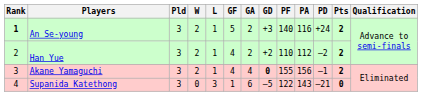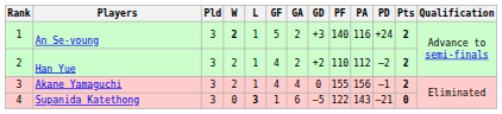 <table class="wikitable" style="font-size:90%; text-align:center">
 <tr>
 <th width="20">Rank</th>
 <th width="200">Players</th>
 <th width="20">Pld</th>
 <th width="20">W</th>
 <th width="20">L</th>
 <th width="20">GF</th>
 <th width="20">GA</th>
 <th width="20">GD</th>
 <th width="20">PF</th>
 <th width="20">PA</th>
 <th width="20">PD</th>
 <th width="20">Pts</th>
 <th width="20">Qualification</th>
 </tr>
 <tr style="background:#ccffcc">
-<td><strong>1</strong></td>
+<td>1</td>
 <td style="text-align:left"><br> <a href='#'>An Se-young</a></td>
 <td>3</td>
-<td>2</td>
+<td><strong>2</strong></td>
 <td>1</td>
 <td>5</td>
 <td>2</td>
 <td>+3</td>
 <td>140</td>
 <td>116</td>
 <td>+24</td>
 <td><strong>2</strong></td>
 <td rowspan="2">Advance to <a href='#'>semi-finals</a></td>
 </tr>
 <tr style="background:#ccffcc">
 <td>2</td>
 <td style="text-align:left"><br> <a href='#'>Han Yue</a></td>
 <td>3</td>
 <td>2</td>
 <td>1</td>
 <td>4</td>
 <td>2</td>
 <td>+2</td>
 <td>110</td>
 <td>112</td>
 <td>–2</td>
 <td><strong>2</strong></td>
 </tr>
 <tr style="background:#ffcccc">
 <td>3</td>
 <td style="text-align:left"> <a href='#'>Akane Yamaguchi</a></td>
 <td>3</td>
 <td>2</td>
 <td>1</td>
 <td>4</td>
 <td>4</td>
-<td><strong>0</strong></td>
+<td>0</td>
 <td>155</td>
 <td>156</td>
 <td>–1</td>
 <td><strong>2</strong></td>
 <td rowspan="2">Eliminated</td>
 </tr>
 <tr style="background:#ffcccc">
 <td>4</td>
 <td style="text-align:left"> <a href='#'>Supanida Katethong</a></td>
 <td>3</td>
 <td>0</td>
-<td>3</td>
+<td><strong>3</strong></td>
 <td>1</td>
 <td>6</td>
 <td>–5</td>
 <td>122</td>
 <td>143</td>
 <td>–21</td>
 <td><strong>0</strong></td>
 </tr>
 </table>
